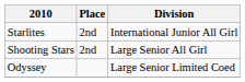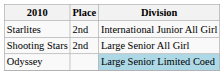 <table class="wikitable">
 <tr>
 <th>2010</th>
 <th>Place</th>
 <th>Division</th>
 </tr>
 <tr>
 <td>Starlites</td>
 <td>2nd</td>
 <td>International Junior All Girl</td>
 </tr>
 <tr>
 <td>Shooting Stars</td>
 <td>2nd</td>
 <td>Large Senior All Girl</td>
 </tr>
 <tr>
 <td>Odyssey</td>
 <td></td>
-<td>Large Senior Limited Coed</td>
+<td style="background: lightblue;">Large Senior Limited Coed</td>
 </tr>
 <tr>
 </tr>
 </table>
